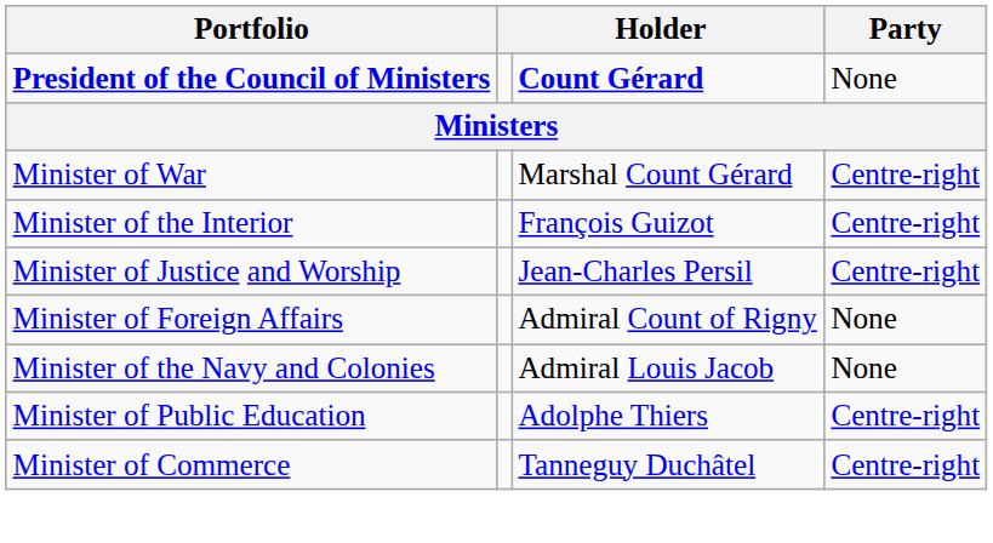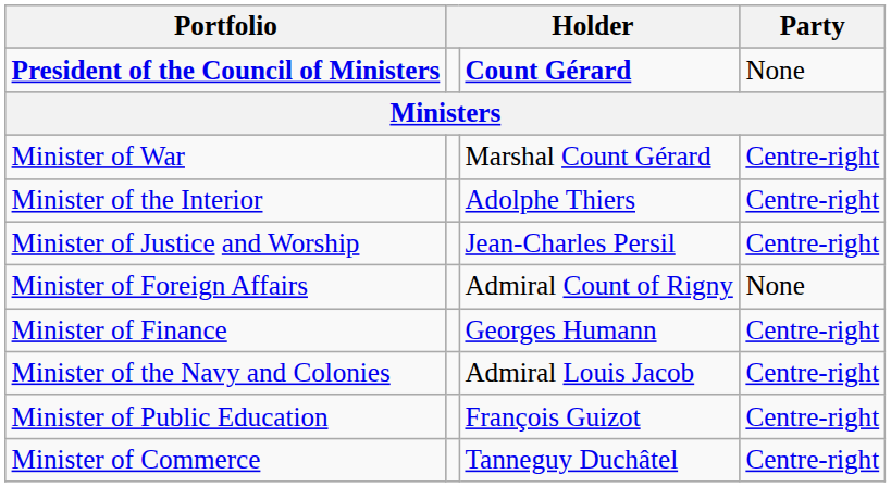 <table class="wikitable">
 <tr>
 <th>Portfolio</th>
 <th colspan=2>Holder</th>
 <th>Party</th>
 </tr>
 <tr>
 <td><strong><a href='#'>President of the Council of Ministers</a></strong></td>
 <td style="background:"></td>
 <td><strong><a href='#'>Count Gérard</a></strong></td>
 <td>None</td>
 </tr>
 <tr>
 <th colspan=4 align=center><a href='#'>Ministers</a></th>
 </tr>
 <tr>
 <td><a href='#'>Minister of War</a></td>
 <td style="background:"></td>
 <td>Marshal <a href='#'>Count Gérard</a></td>
 <td><a href='#'>Centre-right</a></td>
 </tr>
 <tr>
 <td><a href='#'>Minister of the Interior</a></td>
 <td style="background:"></td>
-<td><a href='#'>François Guizot</a></td>
+<td><a href='#'>Adolphe Thiers</a></td>
 <td><a href='#'>Centre-right</a></td>
 </tr>
 <tr>
 <td><a href='#'>Minister of Justice</a> <a href='#'>and Worship</a></td>
 <td style="background:"></td>
 <td><a href='#'>Jean-Charles Persil</a></td>
 <td><a href='#'>Centre-right</a></td>
 </tr>
 <tr>
 <td><a href='#'>Minister of Foreign Affairs</a></td>
 <td style="background:"></td>
 <td>Admiral <a href='#'>Count of Rigny</a></td>
 <td>None</td>
 </tr>
 <tr>
+<td><a href='#'>Minister of Finance</a></td>
+<td style="background:"></td>
+<td><a href='#'>Georges Humann</a></td>
+<td><a href='#'>Centre-right</a></td>
+</tr>
+<tr>
 <td><a href='#'>Minister of the Navy and Colonies</a></td>
 <td style="background:"></td>
 <td>Admiral <a href='#'>Louis Jacob</a></td>
-<td>None</td>
+<td><a href='#'>Centre-right</a></td>
 </tr>
 <tr>
 <td><a href='#'>Minister of Public Education</a></td>
 <td style="background:"></td>
-<td><a href='#'>Adolphe Thiers</a></td>
+<td><a href='#'>François Guizot</a></td>
 <td><a href='#'>Centre-right</a></td>
 </tr>
 <tr>
 <td><a href='#'>Minister of Commerce</a></td>
 <td style="background:"></td>
 <td><a href='#'>Tanneguy Duchâtel</a></td>
 <td><a href='#'>Centre-right</a></td>
 </tr>
 </table>
